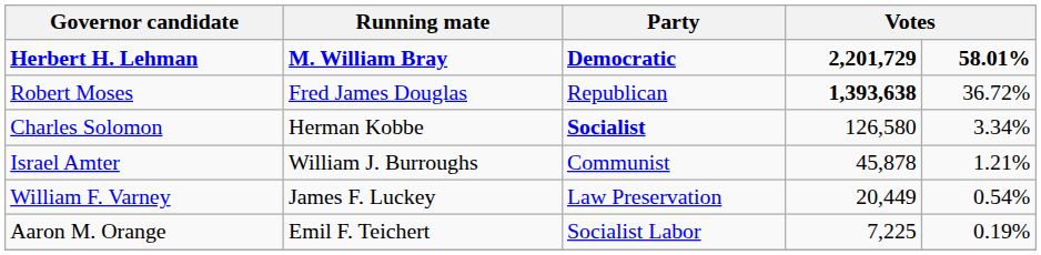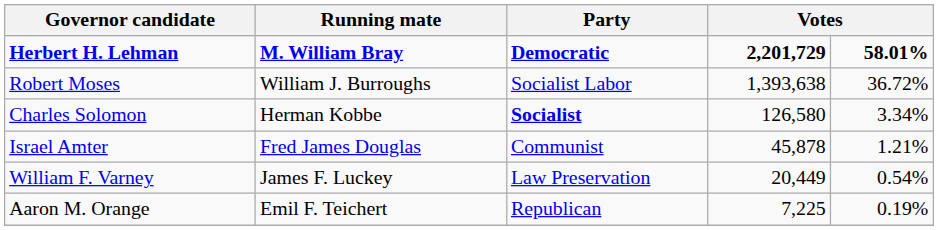 <table class=wikitable>
 <tr bgcolor=lightgrey>
 <th width="20%">Governor candidate</th>
 <th width="20%">Running mate</th>
 <th width="16%">Party</th>
 <th width="18%" colspan="2">Votes</th>
 </tr>
 <tr>
 <td><strong><a href='#'>Herbert H. Lehman</a></strong></td>
 <td><strong><a href='#'>M. William Bray</a></strong></td>
 <td><strong><a href='#'>Democratic</a></strong></td>
 <td align="right"><strong>2,201,729</strong></td>
 <td align="right"><strong>58.01%</strong></td>
 </tr>
 <tr>
 <td><a href='#'>Robert Moses</a></td>
-<td><a href='#'>Fred James Douglas</a></td>
-<td><a href='#'>Republican</a></td>
-<td align="right"><strong>1,393,638</strong></td>
+<td>William J. Burroughs</td>
+<td><a href='#'>Socialist Labor</a></td>
+<td align="right">1,393,638</td>
 <td align="right">36.72%</td>
 </tr>
 <tr>
 <td><a href='#'>Charles Solomon</a></td>
 <td>Herman Kobbe</td>
 <td><strong><a href='#'>Socialist</a></strong></td>
 <td align="right">126,580</td>
 <td align="right">3.34%</td>
 </tr>
 <tr>
 <td><a href='#'>Israel Amter</a></td>
-<td>William J. Burroughs</td>
+<td><a href='#'>Fred James Douglas</a></td>
 <td><a href='#'>Communist</a></td>
 <td align="right">45,878</td>
 <td align="right">1.21%</td>
 </tr>
 <tr>
 <td><a href='#'>William F. Varney</a></td>
 <td>James F. Luckey</td>
 <td><a href='#'>Law Preservation</a></td>
 <td align="right">20,449</td>
 <td align="right">0.54%</td>
 </tr>
 <tr>
 <td>Aaron M. Orange</td>
 <td>Emil F. Teichert</td>
-<td><a href='#'>Socialist Labor</a></td>
+<td><a href='#'>Republican</a></td>
 <td align="right">7,225</td>
 <td align="right">0.19%</td>
 </tr>
 <tr>
 </tr>
 </table>
